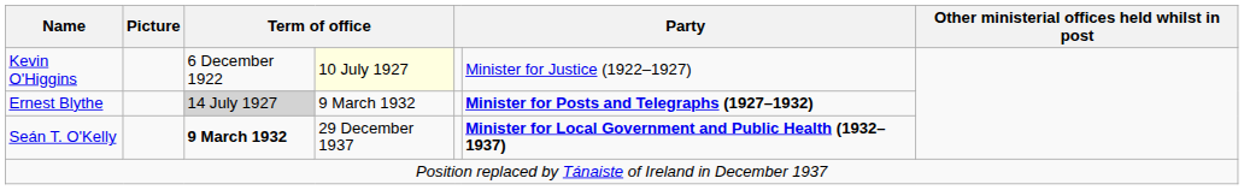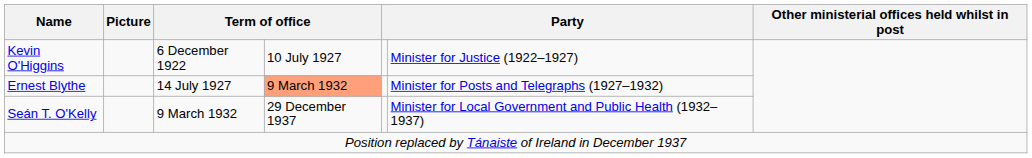 <table class="wikitable">
 <tr>
 <th>Name</th>
 <th>Picture</th>
 <th colspan=2>Term of office</th>
 <th colspan=2>Party</th>
 <th>Other ministerial offices held whilst in post</th>
 </tr>
 <tr>
 <td><a href='#'>Kevin O'Higgins</a></td>
 <td></td>
 <td>6 December 1922</td>
-<td style="background: lightyellow;">10 July 1927</td>
+<td>10 July 1927</td>
 <td></td>
 <td><a href='#'>Minister for Justice</a> (1922–1927)</td>
 </tr>
 <tr>
 <td><a href='#'>Ernest Blythe</a></td>
 <td></td>
-<td style="background: lightgrey;">14 July 1927</td>
-<td>9 March 1932</td>
+<td>14 July 1927</td>
+<td style="background: lightsalmon;">9 March 1932</td>
 <td></td>
-<td><strong><a href='#'>Minister for Posts and Telegraphs</a> (1927–1932)</strong></td>
+<td><a href='#'>Minister for Posts and Telegraphs</a> (1927–1932)</td>
 </tr>
 <tr>
 <td><a href='#'>Seán T. O'Kelly</a></td>
 <td></td>
-<td><strong>9 March 1932</strong></td>
+<td>9 March 1932</td>
 <td>29 December 1937</td>
 <td></td>
-<td><strong><a href='#'>Minister for Local Government and Public Health</a> (1932–1937)</strong></td>
+<td><a href='#'>Minister for Local Government and Public Health</a> (1932–1937)</td>
 </tr>
 <tr>
 <td colspan="8" align=center><em>Position replaced by <a href='#'>Tánaiste</a> of Ireland in December 1937</em></td>
 </tr>
 </table>
